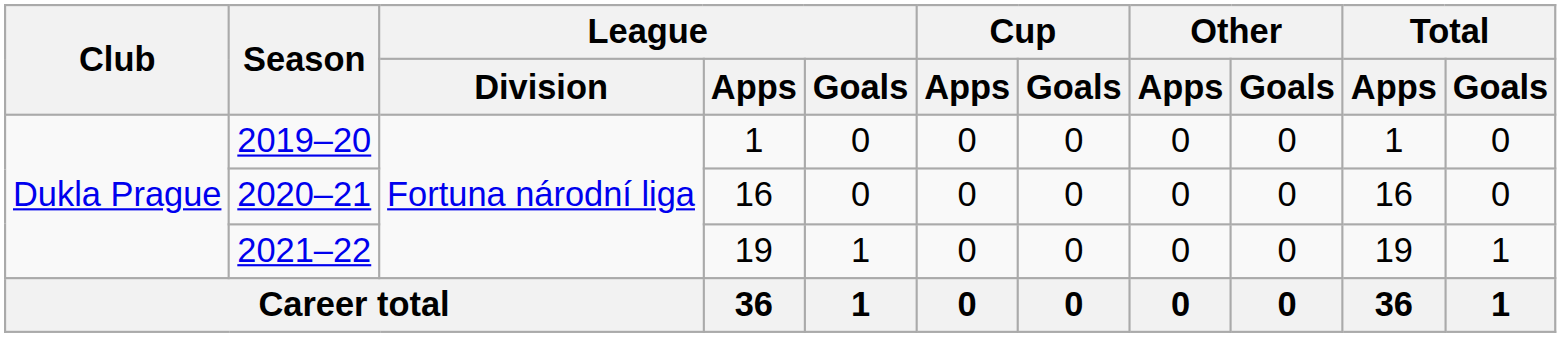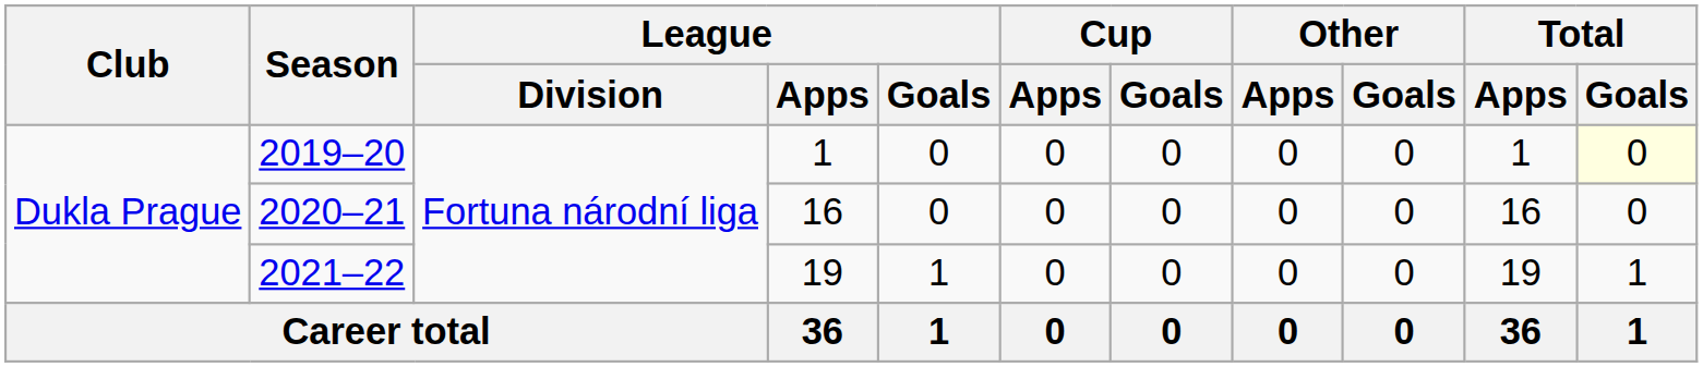 <table class="wikitable" style="text-align: center">
 <tr>
 <th rowspan="2">Club</th>
 <th rowspan="2">Season</th>
 <th colspan="3">League</th>
 <th colspan="2">Cup</th>
 <th colspan="2">Other</th>
 <th colspan="2">Total</th>
 </tr>
 <tr>
 <th>Division</th>
 <th>Apps</th>
 <th>Goals</th>
 <th>Apps</th>
 <th>Goals</th>
 <th>Apps</th>
 <th>Goals</th>
 <th>Apps</th>
 <th>Goals</th>
 </tr>
 <tr>
 <td rowspan="3"><a href='#'>Dukla Prague</a></td>
 <td><a href='#'>2019–20</a></td>
 <td rowspan="3"><a href='#'>Fortuna národní liga</a></td>
 <td>1</td>
 <td>0</td>
 <td>0</td>
 <td>0</td>
 <td>0</td>
 <td>0</td>
 <td>1</td>
-<td>0</td>
+<td style="background: lightyellow;">0</td>
 </tr>
 <tr>
 <td><a href='#'>2020–21</a></td>
 <td>16</td>
 <td>0</td>
 <td>0</td>
 <td>0</td>
 <td>0</td>
 <td>0</td>
 <td>16</td>
 <td>0</td>
 </tr>
 <tr>
 <td><a href='#'>2021–22</a></td>
 <td>19</td>
 <td>1</td>
 <td>0</td>
 <td>0</td>
 <td>0</td>
 <td>0</td>
 <td>19</td>
 <td>1</td>
 </tr>
 <tr>
 <th colspan="3"><strong>Career total</strong></th>
 <th>36</th>
 <th>1</th>
 <th>0</th>
 <th>0</th>
 <th>0</th>
 <th>0</th>
 <th>36</th>
 <th>1</th>
 </tr>
 </table>
